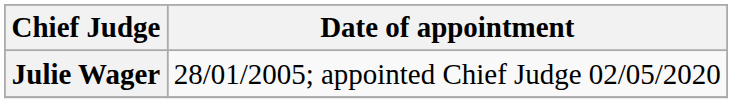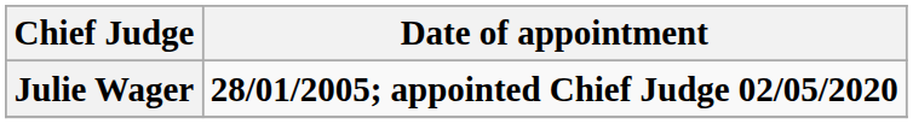 <table class="wikitable plainrowheaders sortable">
 <tr>
 <th scope="col">Chief Judge</th>
 <th scope="col">Date of appointment</th>
 </tr>
 <tr>
 <th scope="row">Julie Wager</th>
-<td>28/01/2005; appointed Chief Judge 02/05/2020</td>
+<td><strong>28/01/2005; appointed Chief Judge 02/05/2020</strong></td>
 </tr>
 <tr>
 </tr>
 </table>
